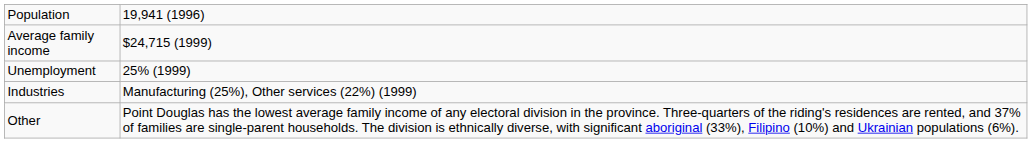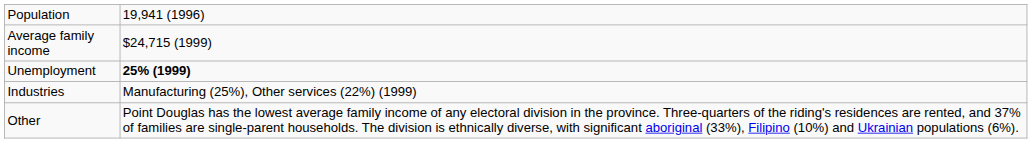 <table class="wikitable">
 <tr>
 <td>Population</td>
 <td>19,941 (1996)</td>
 </tr>
 <tr>
 <td>Average family income</td>
 <td>$24,715 (1999)</td>
 </tr>
 <tr>
 <td>Unemployment</td>
-<td>25% (1999)</td>
+<td><strong>25% (1999)</strong></td>
 </tr>
 <tr>
 <td>Industries</td>
 <td>Manufacturing (25%), Other services (22%) (1999)</td>
 </tr>
 <tr>
 <td>Other</td>
 <td>Point Douglas has the lowest average family income of any electoral division in the province.  Three-quarters of the riding's residences are rented, and 37% of families are single-parent households.  The division is ethnically diverse, with significant <a href='#'>aboriginal</a> (33%), <a href='#'>Filipino</a> (10%) and <a href='#'>Ukrainian</a> populations (6%).</td>
 </tr>
 </table>
